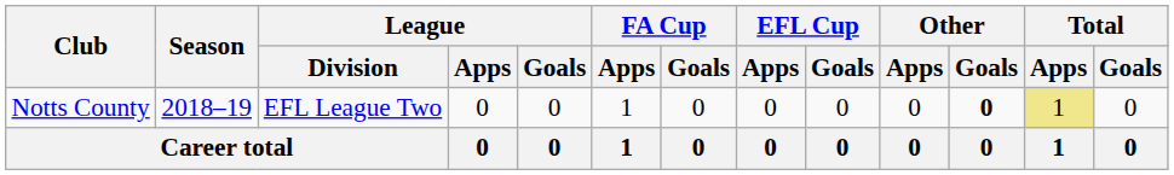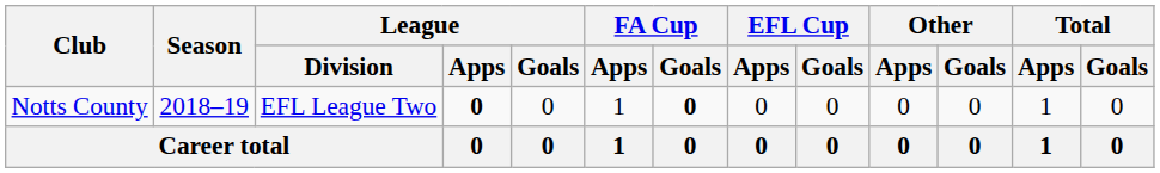 <table class="wikitable" style="text-align:center;">
 <tr>
 <th rowspan="2">Club</th>
 <th rowspan="2">Season</th>
 <th colspan="3">League</th>
 <th colspan="2"><a href='#'>FA Cup</a></th>
 <th colspan="2"><a href='#'>EFL Cup</a></th>
 <th colspan="2">Other</th>
 <th colspan="2">Total</th>
 </tr>
 <tr>
 <th>Division</th>
 <th>Apps</th>
 <th>Goals</th>
 <th>Apps</th>
 <th>Goals</th>
 <th>Apps</th>
 <th>Goals</th>
 <th>Apps</th>
 <th>Goals</th>
 <th>Apps</th>
 <th>Goals</th>
 </tr>
 <tr>
 <td><a href='#'>Notts County</a></td>
 <td><a href='#'>2018–19</a></td>
 <td><a href='#'>EFL League Two</a></td>
-<td>0</td>
+<td><strong>0</strong></td>
 <td>0</td>
 <td>1</td>
+<td><strong>0</strong></td>
 <td>0</td>
 <td>0</td>
 <td>0</td>
 <td>0</td>
-<td><strong>0</strong></td>
-<td style="background: khaki;">1</td>
+<td>1</td>
 <td>0</td>
 </tr>
 <tr>
 <th colspan="3">Career total</th>
 <th>0</th>
 <th>0</th>
 <th>1</th>
 <th>0</th>
 <th>0</th>
 <th>0</th>
 <th>0</th>
 <th>0</th>
 <th>1</th>
 <th>0</th>
 </tr>
 </table>
